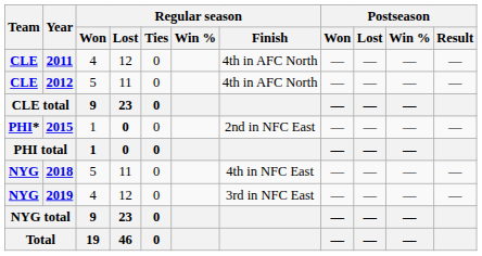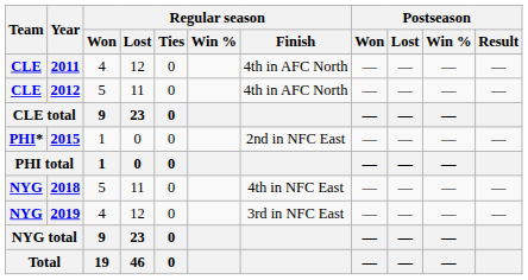 <table class="wikitable" style="font-size: 95%; text-align:center;">
 <tr>
 <th rowspan="2">Team</th>
 <th rowspan="2">Year</th>
 <th colspan="5">Regular season</th>
 <th colspan="4">Postseason</th>
 </tr>
 <tr>
 <th>Won</th>
 <th>Lost</th>
 <th>Ties</th>
 <th>Win %</th>
 <th>Finish</th>
 <th>Won</th>
 <th>Lost</th>
 <th>Win %</th>
 <th>Result</th>
 </tr>
 <tr>
 <th><a href='#'>CLE</a></th>
 <th><a href='#'>2011</a></th>
 <td>4</td>
 <td>12</td>
 <td>0</td>
 <td></td>
 <td>4th in AFC North</td>
 <td>—</td>
 <td>—</td>
 <td>—</td>
 <td>—</td>
 </tr>
 <tr>
 <th><a href='#'>CLE</a></th>
 <th><a href='#'>2012</a></th>
 <td>5</td>
 <td>11</td>
 <td>0</td>
 <td></td>
 <td>4th in AFC North</td>
 <td>—</td>
 <td>—</td>
 <td>—</td>
 <td>—</td>
 </tr>
 <tr>
 <th colspan="2">CLE total</th>
 <th>9</th>
 <th>23</th>
 <th>0</th>
 <th></th>
 <th> </th>
 <th>—</th>
 <th>—</th>
 <th>—</th>
 <th> </th>
 </tr>
 <tr>
 <th><a href='#'>PHI</a>*</th>
 <th><a href='#'>2015</a></th>
 <td>1</td>
-<td><strong>0</strong></td>
+<td>0</td>
 <td>0</td>
 <td></td>
 <td>2nd in NFC East</td>
 <td>—</td>
 <td>—</td>
 <td>—</td>
 <td>—</td>
 </tr>
 <tr>
 <th colspan="2">PHI total</th>
 <th>1</th>
 <th>0</th>
 <th>0</th>
 <th></th>
 <th> </th>
 <th>—</th>
 <th>—</th>
 <th>—</th>
 <th> </th>
 </tr>
 <tr>
 <th><a href='#'>NYG</a></th>
 <th><a href='#'>2018</a></th>
 <td>5</td>
 <td>11</td>
 <td>0</td>
 <td></td>
 <td>4th in NFC East</td>
 <td>—</td>
 <td>—</td>
 <td>—</td>
 <td>—</td>
 </tr>
 <tr>
 <th><a href='#'>NYG</a></th>
 <th><a href='#'>2019</a></th>
 <td>4</td>
 <td>12</td>
 <td>0</td>
 <td></td>
 <td>3rd in NFC East</td>
 <td>—</td>
 <td>—</td>
 <td>—</td>
 <td>—</td>
 </tr>
 <tr>
 <th colspan="2">NYG total</th>
 <th>9</th>
 <th>23</th>
 <th>0</th>
 <th></th>
 <th> </th>
 <th>—</th>
 <th>—</th>
 <th>—</th>
 <th> </th>
 </tr>
 <tr>
 <th colspan="2">Total</th>
 <th>19</th>
 <th>46</th>
 <th>0</th>
 <th></th>
 <th> </th>
 <th>—</th>
 <th>—</th>
 <th>—</th>
 <th> </th>
 </tr>
 </table>
